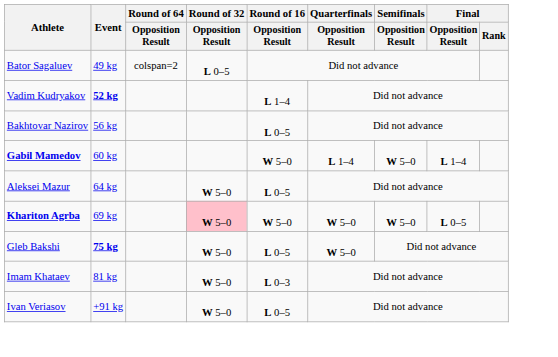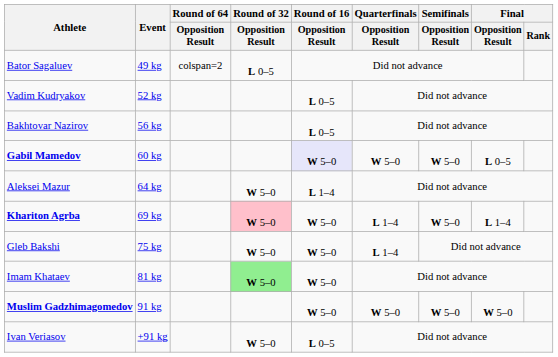 <table class="wikitable" style="text-align:center; font-size:90%">
 <tr>
 <th rowspan=2>Athlete</th>
 <th rowspan=2>Event</th>
 <th>Round of 64</th>
 <th>Round of 32</th>
 <th>Round of 16</th>
 <th>Quarterfinals</th>
 <th>Semifinals</th>
 <th colspan=2>Final</th>
 </tr>
 <tr style="font-size:95%">
 <th>Opposition<br>Result</th>
 <th>Opposition<br>Result</th>
 <th>Opposition<br>Result</th>
 <th>Opposition<br>Result</th>
 <th>Opposition<br>Result</th>
 <th>Opposition<br>Result</th>
 <th>Rank</th>
 </tr>
 <tr>
 <td align=left><a href='#'>Bator Sagaluev</a></td>
 <td align=left><a href='#'>49 kg</a></td>
 <td>colspan=2 </td>
 <td><br><strong>L</strong> 0–5</td>
 <td colspan=4>Did not advance</td>
 </tr>
 <tr>
 <td align=left><a href='#'>Vadim Kudryakov</a></td>
-<td align=left><strong><a href='#'>52 kg</a></strong></td>
+<td align=left><a href='#'>52 kg</a></td>
 <td></td>
 <td></td>
-<td><br><strong>L</strong> 1–4</td>
+<td><br><strong>L</strong> 0–5</td>
 <td colspan=4>Did not advance</td>
 </tr>
 <tr>
 <td align=left><a href='#'>Bakhtovar Nazirov</a></td>
 <td align=left><a href='#'>56 kg</a></td>
 <td></td>
 <td></td>
 <td><br><strong>L</strong> 0–5</td>
 <td colspan=4>Did not advance</td>
 </tr>
 <tr>
 <td align=left><strong><a href='#'>Gabil Mamedov</a></strong></td>
 <td align=left><a href='#'>60 kg</a></td>
 <td></td>
 <td></td>
+<td style="background: lavender;"><br><strong>W</strong> 5–0</td>
 <td><br><strong>W</strong> 5–0</td>
-<td><br><strong>L</strong> 1–4</td>
 <td><br><strong>W</strong> 5–0</td>
-<td><br><strong>L</strong> 1–4</td>
+<td><br><strong>L</strong> 0–5</td>
 <td></td>
 </tr>
 <tr>
 <td align=left><a href='#'>Aleksei Mazur</a></td>
 <td align=left><a href='#'>64 kg</a></td>
 <td></td>
 <td><br><strong>W</strong> 5–0</td>
-<td><br><strong>L</strong> 0–5</td>
+<td><br><strong>L</strong> 1–4</td>
 <td colspan=4>Did not advance</td>
 </tr>
 <tr>
 <td align=left><strong><a href='#'>Khariton Agrba</a></strong></td>
 <td align=left><a href='#'>69 kg</a></td>
 <td></td>
 <td style="background: pink;"><br><strong>W</strong> 5–0</td>
 <td><br><strong>W</strong> 5–0</td>
+<td><br><strong>L</strong> 1–4</td>
 <td><br><strong>W</strong> 5–0</td>
-<td><br><strong>W</strong> 5–0</td>
-<td><br><strong>L</strong> 0–5</td>
+<td><br><strong>L</strong> 1–4</td>
 <td></td>
 </tr>
 <tr>
 <td align=left><a href='#'>Gleb Bakshi</a></td>
-<td align=left><strong><a href='#'>75 kg</a></strong></td>
+<td align=left><a href='#'>75 kg</a></td>
 <td></td>
 <td><br><strong>W</strong> 5–0</td>
-<td><br><strong>L</strong> 0–5</td>
 <td><br><strong>W</strong> 5–0</td>
+<td><br><strong>L</strong> 1–4</td>
 <td colspan=3>Did not advance</td>
 </tr>
 <tr>
 <td align=left><a href='#'>Imam Khataev</a></td>
 <td align=left><a href='#'>81 kg</a></td>
 <td></td>
+<td style="background: lightgreen;"><br><strong>W</strong> 5–0</td>
 <td><br><strong>W</strong> 5–0</td>
-<td><br><strong>L</strong> 0–3</td>
 <td colspan=4>Did not advance</td>
+</tr>
+<tr>
+<td align=left><strong><a href='#'>Muslim Gadzhimagomedov</a></strong></td>
+<td align=left><a href='#'>91 kg</a></td>
+<td></td>
+<td></td>
+<td><br><strong>W</strong> 5–0</td>
+<td><br><strong>W</strong> 5–0</td>
+<td><br><strong>W</strong> 5–0</td>
+<td><br><strong>W</strong> 5–0</td>
+<td></td>
 </tr>
 <tr>
 <td align=left><a href='#'>Ivan Veriasov</a></td>
 <td align=left><a href='#'>+91 kg</a></td>
 <td></td>
 <td><br><strong>W</strong> 5–0</td>
 <td><br><strong>L</strong> 0–5</td>
 <td colspan=4>Did not advance</td>
 </tr>
 </table>
